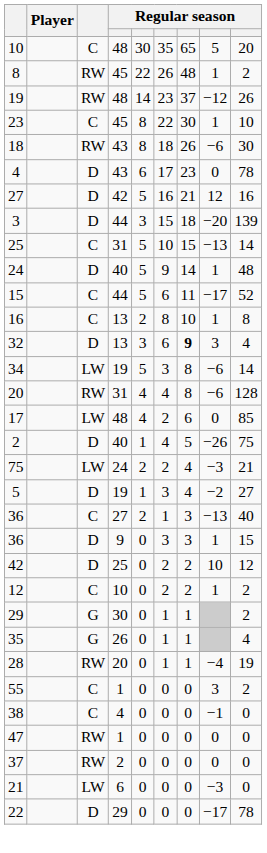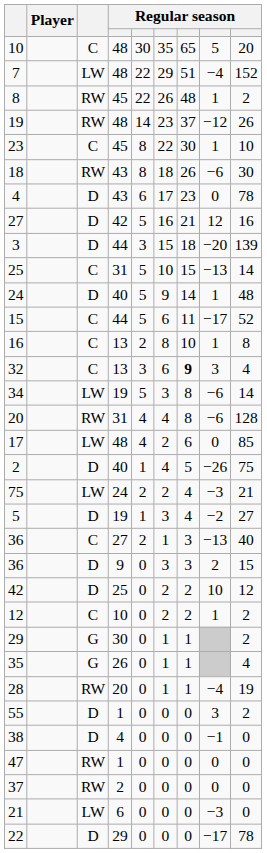 <table class="wikitable sortable plainrowheaders" style="text-align:center;">
 <tr>
 <th scope="col" data-sort-type="number" rowspan="2"></th>
 <th scope="col" rowspan="2">Player</th>
 <th scope="col" rowspan="2"></th>
 <th scope=colgroup colspan=6>Regular season</th>
 </tr>
 <tr>
 <th scope="col" data-sort-type="number"></th>
 <th scope="col" data-sort-type="number"></th>
 <th scope="col" data-sort-type="number"></th>
 <th scope="col" data-sort-type="number"></th>
 <th scope="col" data-sort-type="number"></th>
 <th scope="col" data-sort-type="number"></th>
 </tr>
 <tr>
 <td scope="row">10</td>
 <td align="left"></td>
 <td>C</td>
 <td>48</td>
 <td>30</td>
 <td>35</td>
 <td>65</td>
 <td>5</td>
 <td>20</td>
+</tr>
+<tr>
+<td scope="row">7</td>
+<td align="left"></td>
+<td>LW</td>
+<td>48</td>
+<td>22</td>
+<td>29</td>
+<td>51</td>
+<td>−4</td>
+<td>152</td>
 </tr>
 <tr>
 <td scope="row">8</td>
 <td align="left"></td>
 <td>RW</td>
 <td>45</td>
 <td>22</td>
 <td>26</td>
 <td>48</td>
 <td>1</td>
 <td>2</td>
 </tr>
 <tr>
 <td scope="row">19</td>
 <td align="left"></td>
 <td>RW</td>
 <td>48</td>
 <td>14</td>
 <td>23</td>
 <td>37</td>
 <td>−12</td>
 <td>26</td>
 </tr>
 <tr>
 <td scope="row">23</td>
 <td align="left"></td>
 <td>C</td>
 <td>45</td>
 <td>8</td>
 <td>22</td>
 <td>30</td>
 <td>1</td>
 <td>10</td>
 </tr>
 <tr>
 <td scope="row">18</td>
 <td align="left"></td>
 <td>RW</td>
 <td>43</td>
 <td>8</td>
 <td>18</td>
 <td>26</td>
 <td>−6</td>
 <td>30</td>
 </tr>
 <tr>
 <td scope="row">4</td>
 <td align="left"></td>
 <td>D</td>
 <td>43</td>
 <td>6</td>
 <td>17</td>
 <td>23</td>
 <td>0</td>
 <td>78</td>
 </tr>
 <tr>
 <td scope="row">27</td>
 <td align="left"></td>
 <td>D</td>
 <td>42</td>
 <td>5</td>
 <td>16</td>
 <td>21</td>
 <td>12</td>
 <td>16</td>
 </tr>
 <tr>
 <td scope="row">3</td>
 <td align="left"></td>
 <td>D</td>
 <td>44</td>
 <td>3</td>
 <td>15</td>
 <td>18</td>
 <td>−20</td>
 <td>139</td>
 </tr>
 <tr>
 <td scope="row">25</td>
 <td align="left"></td>
 <td>C</td>
 <td>31</td>
 <td>5</td>
 <td>10</td>
 <td>15</td>
 <td>−13</td>
 <td>14</td>
 </tr>
 <tr>
 <td scope="row">24</td>
 <td align="left"></td>
 <td>D</td>
 <td>40</td>
 <td>5</td>
 <td>9</td>
 <td>14</td>
 <td>1</td>
 <td>48</td>
 </tr>
 <tr>
 <td scope="row">15</td>
 <td align="left"></td>
 <td>C</td>
 <td>44</td>
 <td>5</td>
 <td>6</td>
 <td>11</td>
 <td>−17</td>
 <td>52</td>
 </tr>
 <tr>
 <td scope="row">16</td>
 <td align="left"></td>
 <td>C</td>
 <td>13</td>
 <td>2</td>
 <td>8</td>
 <td>10</td>
 <td>1</td>
 <td>8</td>
 </tr>
 <tr>
 <td scope="row">32</td>
 <td align="left"></td>
-<td>D</td>
+<td>C</td>
 <td>13</td>
 <td>3</td>
 <td>6</td>
 <td><strong>9</strong></td>
 <td>3</td>
 <td>4</td>
 </tr>
 <tr>
 <td scope="row">34</td>
 <td align="left"></td>
 <td>LW</td>
 <td>19</td>
 <td>5</td>
 <td>3</td>
 <td>8</td>
 <td>−6</td>
 <td>14</td>
 </tr>
 <tr>
 <td scope="row">20</td>
 <td align="left"></td>
 <td>RW</td>
 <td>31</td>
 <td>4</td>
 <td>4</td>
 <td>8</td>
 <td>−6</td>
 <td>128</td>
 </tr>
 <tr>
 <td scope="row">17</td>
 <td align="left"></td>
 <td>LW</td>
 <td>48</td>
 <td>4</td>
 <td>2</td>
 <td>6</td>
 <td>0</td>
 <td>85</td>
 </tr>
 <tr>
 <td scope="row">2</td>
 <td align="left"></td>
 <td>D</td>
 <td>40</td>
 <td>1</td>
 <td>4</td>
 <td>5</td>
 <td>−26</td>
 <td>75</td>
 </tr>
 <tr>
 <td scope="row">75</td>
 <td align="left"></td>
 <td>LW</td>
 <td>24</td>
 <td>2</td>
 <td>2</td>
 <td>4</td>
 <td>−3</td>
 <td>21</td>
 </tr>
 <tr>
 <td scope="row">5</td>
 <td align="left"></td>
 <td>D</td>
 <td>19</td>
 <td>1</td>
 <td>3</td>
 <td>4</td>
 <td>−2</td>
 <td>27</td>
 </tr>
 <tr>
 <td scope="row">36</td>
 <td align="left"></td>
 <td>C</td>
 <td>27</td>
 <td>2</td>
 <td>1</td>
 <td>3</td>
 <td>−13</td>
 <td>40</td>
 </tr>
 <tr>
 <td scope="row">36</td>
 <td align="left"></td>
 <td>D</td>
 <td>9</td>
 <td>0</td>
 <td>3</td>
 <td>3</td>
-<td>1</td>
+<td>2</td>
 <td>15</td>
 </tr>
 <tr>
 <td scope="row">42</td>
 <td align="left"></td>
 <td>D</td>
 <td>25</td>
 <td>0</td>
 <td>2</td>
 <td>2</td>
 <td>10</td>
 <td>12</td>
 </tr>
 <tr>
 <td scope="row">12</td>
 <td align="left"></td>
 <td>C</td>
 <td>10</td>
 <td>0</td>
 <td>2</td>
 <td>2</td>
 <td>1</td>
 <td>2</td>
 </tr>
 <tr>
 <td scope="row">29</td>
 <td align="left"></td>
 <td>G</td>
 <td>30</td>
 <td>0</td>
 <td>1</td>
 <td>1</td>
 <td style="background:#ccc"></td>
 <td>2</td>
 </tr>
 <tr>
 <td scope="row">35</td>
 <td align="left"></td>
 <td>G</td>
 <td>26</td>
 <td>0</td>
 <td>1</td>
 <td>1</td>
 <td style="background:#ccc"></td>
 <td>4</td>
 </tr>
 <tr>
 <td scope="row">28</td>
 <td align="left"></td>
 <td>RW</td>
 <td>20</td>
 <td>0</td>
 <td>1</td>
 <td>1</td>
 <td>−4</td>
 <td>19</td>
 </tr>
 <tr>
 <td scope="row">55</td>
 <td align="left"></td>
-<td>C</td>
+<td>D</td>
 <td>1</td>
 <td>0</td>
 <td>0</td>
 <td>0</td>
 <td>3</td>
 <td>2</td>
 </tr>
 <tr>
 <td scope="row">38</td>
 <td align="left"></td>
-<td>C</td>
+<td>D</td>
 <td>4</td>
 <td>0</td>
 <td>0</td>
 <td>0</td>
 <td>−1</td>
 <td>0</td>
 </tr>
 <tr>
 <td scope="row">47</td>
 <td align="left"></td>
 <td>RW</td>
 <td>1</td>
 <td>0</td>
 <td>0</td>
 <td>0</td>
 <td>0</td>
 <td>0</td>
 </tr>
 <tr>
 <td scope="row">37</td>
 <td align="left"></td>
 <td>RW</td>
 <td>2</td>
 <td>0</td>
 <td>0</td>
 <td>0</td>
 <td>0</td>
 <td>0</td>
 </tr>
 <tr>
 <td scope="row">21</td>
 <td align="left"></td>
 <td>LW</td>
 <td>6</td>
 <td>0</td>
 <td>0</td>
 <td>0</td>
 <td>−3</td>
 <td>0</td>
 </tr>
 <tr>
 <td scope="row">22</td>
 <td align="left"></td>
 <td>D</td>
 <td>29</td>
 <td>0</td>
 <td>0</td>
 <td>0</td>
 <td>−17</td>
 <td>78</td>
 </tr>
 </table>
